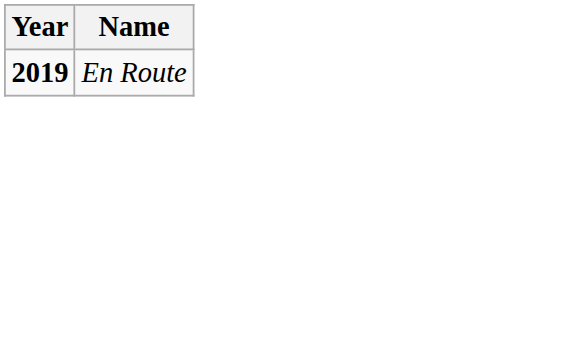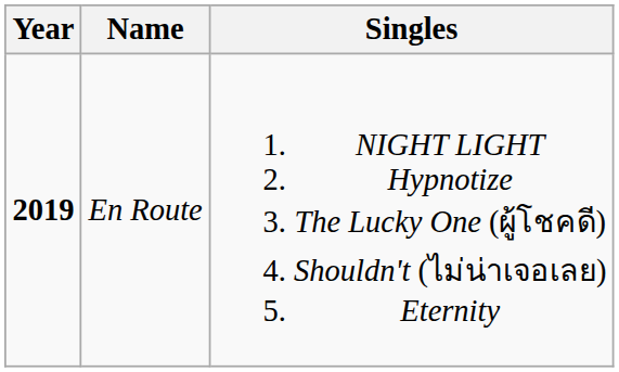 <table class="wikitable" style="text-align:center;">
 <tr>
 <th>Year</th>
 <th>Name</th>
+<th>Singles</th>
 </tr>
 <tr>
 <td><strong>2019</strong></td>
 <td><em>En Route</em></td>
+<td><br><ol><li><em>NIGHT LIGHT</em></li><li><em>Hypnotize</em></li><li><em>The Lucky One</em> (ผู้โชคดี)</li><li><em>Shouldn't</em> (ไม่น่าเจอเลย)</li><li><em>Eternity</em></li></ol></td>
 </tr>
 </table>
